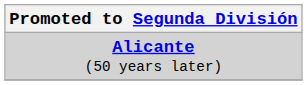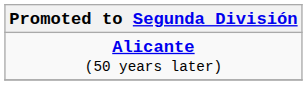 <table class="wikitable" style="text-align: center; margin: 0 auto;">
 <tr>
 <th colspan="2">Promoted to <a href='#'>Segunda División</a></th>
 </tr>
 <tr>
-<td style="background: lightgrey;"><strong><a href='#'>Alicante</a></strong><br><small>(50 years later)</small></td>
+<td><strong><a href='#'>Alicante</a></strong><br><small>(50 years later)</small></td>
 </tr>
 <tr>
 </tr>
 </table>
